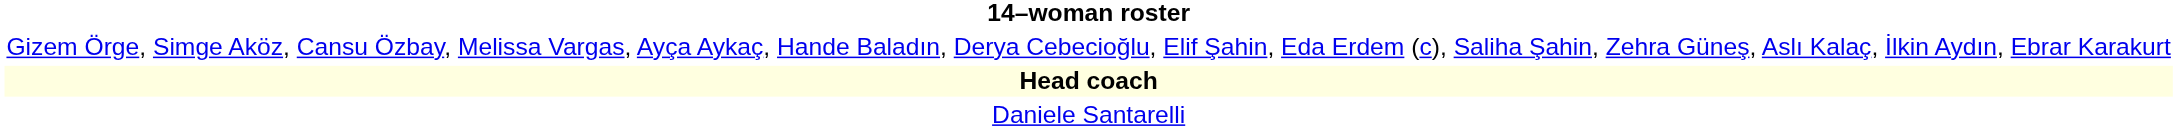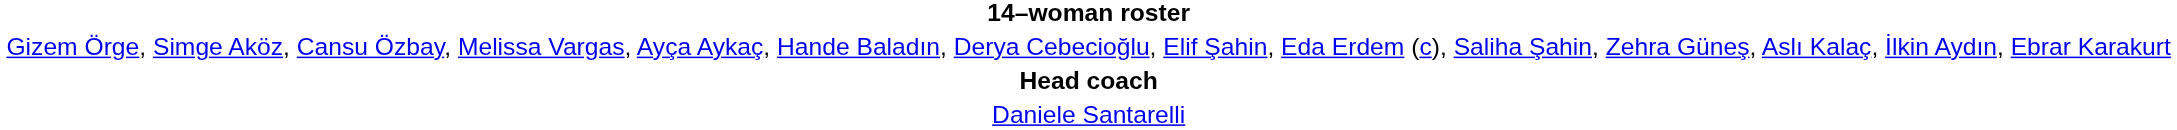 <table style="text-align:center; margin-top:2em; margin-left:auto; margin-right:auto">
 <tr>
 <td><strong>14–woman roster</strong></td>
 </tr>
 <tr>
 <td><a href='#'>Gizem Örge</a>, <a href='#'>Simge Aköz</a>, <a href='#'>Cansu Özbay</a>, <a href='#'>Melissa Vargas</a>, <a href='#'>Ayça Aykaç</a>, <a href='#'>Hande Baladın</a>, <a href='#'>Derya Cebecioğlu</a>, <a href='#'>Elif Şahin</a>, <a href='#'>Eda Erdem</a> (<a href='#'>c</a>), <a href='#'>Saliha Şahin</a>, <a href='#'>Zehra Güneş</a>, <a href='#'>Aslı Kalaç</a>, <a href='#'>İlkin Aydın</a>, <a href='#'>Ebrar Karakurt</a></td>
 </tr>
 <tr>
-<td style="background: lightyellow;"><strong>Head coach</strong></td>
+<td><strong>Head coach</strong></td>
 </tr>
 <tr>
 <td> <a href='#'>Daniele Santarelli</a></td>
 </tr>
 </table>
